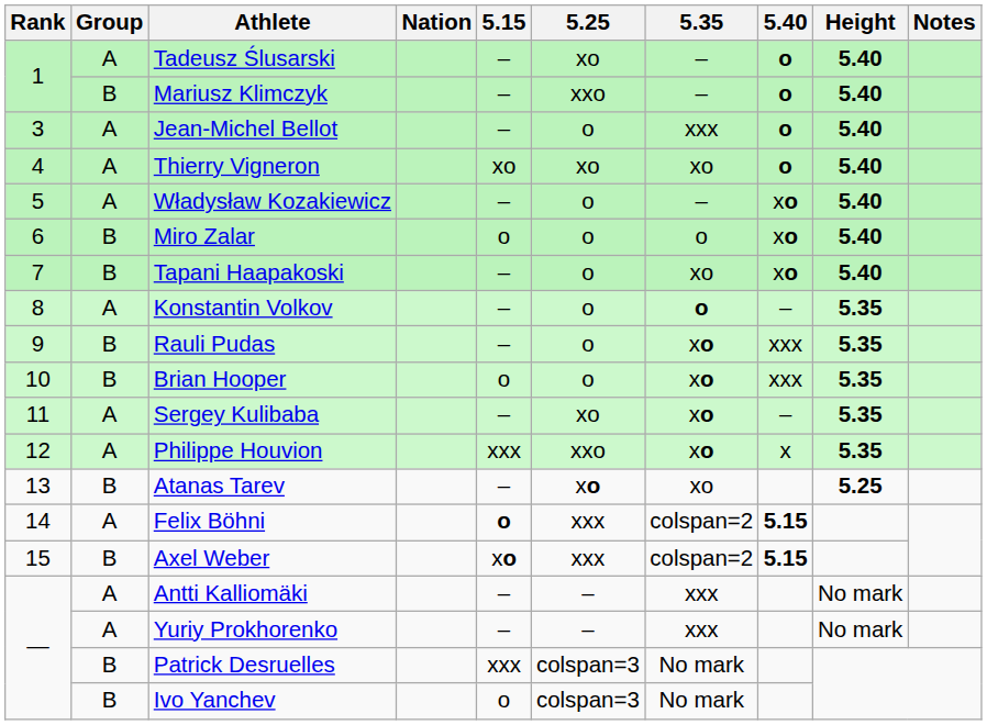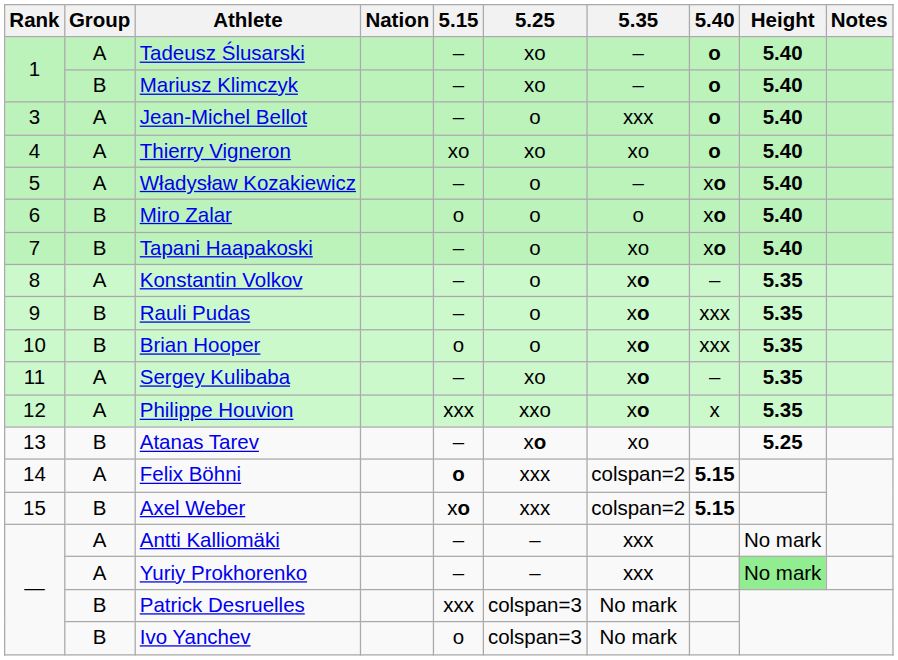 <table class="wikitable sortable" style="text-align:center">
 <tr>
 <th>Rank</th>
 <th>Group</th>
 <th>Athlete</th>
 <th>Nation</th>
 <th>5.15</th>
 <th>5.25</th>
 <th>5.35</th>
 <th>5.40</th>
 <th>Height</th>
 <th>Notes</th>
 </tr>
 <tr bgcolor=bbf3bb>
 <td rowspan=2>1</td>
 <td>A</td>
 <td align=left><a href='#'>Tadeusz Ślusarski</a></td>
 <td align=left></td>
 <td>–</td>
 <td>xo</td>
 <td>–</td>
 <td><strong>o</strong></td>
 <td><strong>5.40</strong></td>
 <td></td>
 </tr>
 <tr bgcolor=bbf3bb>
 <td>B</td>
 <td align=left><a href='#'>Mariusz Klimczyk</a></td>
 <td align=left></td>
 <td>–</td>
-<td>xxo</td>
+<td>xo</td>
 <td>–</td>
 <td><strong>o</strong></td>
 <td><strong>5.40</strong></td>
 <td></td>
 </tr>
 <tr bgcolor=bbf3bb>
 <td>3</td>
 <td>A</td>
 <td align=left><a href='#'>Jean-Michel Bellot</a></td>
 <td align=left></td>
 <td>–</td>
 <td>o</td>
 <td>xxx</td>
 <td><strong>o</strong></td>
 <td><strong>5.40</strong></td>
 <td></td>
 </tr>
 <tr bgcolor=bbf3bb>
 <td>4</td>
 <td>A</td>
 <td align=left><a href='#'>Thierry Vigneron</a></td>
 <td align=left></td>
 <td>xo</td>
 <td>xo</td>
 <td>xo</td>
 <td><strong>o</strong></td>
 <td><strong>5.40</strong></td>
 <td></td>
 </tr>
 <tr bgcolor=bbf3bb>
 <td>5</td>
 <td>A</td>
 <td align=left><a href='#'>Władysław Kozakiewicz</a></td>
 <td align=left></td>
 <td>–</td>
 <td>o</td>
 <td>–</td>
 <td>x<strong>o</strong></td>
 <td><strong>5.40</strong></td>
 <td></td>
 </tr>
 <tr bgcolor=bbf3bb>
 <td>6</td>
 <td>B</td>
 <td align=left><a href='#'>Miro Zalar</a></td>
 <td align=left></td>
 <td>o</td>
 <td>o</td>
 <td>o</td>
 <td>x<strong>o</strong></td>
 <td><strong>5.40</strong></td>
 <td></td>
 </tr>
 <tr bgcolor=bbf3bb>
 <td>7</td>
 <td>B</td>
 <td align=left><a href='#'>Tapani Haapakoski</a></td>
 <td align=left></td>
 <td>–</td>
 <td>o</td>
 <td>xo</td>
 <td>x<strong>o</strong></td>
 <td><strong>5.40</strong></td>
 <td></td>
 </tr>
 <tr bgcolor=ccf9cc>
 <td>8</td>
 <td>A</td>
 <td align=left><a href='#'>Konstantin Volkov</a></td>
 <td align=left></td>
 <td>–</td>
 <td>o</td>
-<td><strong>o</strong></td>
+<td>x<strong>o</strong></td>
 <td>–</td>
 <td><strong>5.35</strong></td>
 <td></td>
 </tr>
 <tr bgcolor=ccf9cc>
 <td>9</td>
 <td>B</td>
 <td align=left><a href='#'>Rauli Pudas</a></td>
 <td align=left></td>
 <td>–</td>
 <td>o</td>
 <td>x<strong>o</strong></td>
 <td>xxx</td>
 <td><strong>5.35</strong></td>
 <td></td>
 </tr>
 <tr bgcolor=ccf9cc>
 <td>10</td>
 <td>B</td>
 <td align=left><a href='#'>Brian Hooper</a></td>
 <td align=left></td>
 <td>o</td>
 <td>o</td>
 <td>x<strong>o</strong></td>
 <td>xxx</td>
 <td><strong>5.35</strong></td>
 <td></td>
 </tr>
 <tr bgcolor=ccf9cc>
 <td>11</td>
 <td>A</td>
 <td align=left><a href='#'>Sergey Kulibaba</a></td>
 <td align=left></td>
 <td>–</td>
 <td>xo</td>
 <td>x<strong>o</strong></td>
 <td>–</td>
 <td><strong>5.35</strong></td>
 <td></td>
 </tr>
 <tr bgcolor=ccf9cc>
 <td>12</td>
 <td>A</td>
 <td align=left><a href='#'>Philippe Houvion</a></td>
 <td align=left></td>
 <td>xxx</td>
 <td>xxo</td>
 <td>x<strong>o</strong></td>
 <td>x</td>
 <td><strong>5.35</strong></td>
 <td></td>
 </tr>
 <tr>
 <td>13</td>
 <td>B</td>
 <td align=left><a href='#'>Atanas Tarev</a></td>
 <td align=left></td>
 <td>–</td>
 <td>x<strong>o</strong></td>
 <td>xo</td>
 <td></td>
 <td><strong>5.25</strong></td>
 <td></td>
 </tr>
 <tr>
 <td>14</td>
 <td>A</td>
 <td align=left><a href='#'>Felix Böhni</a></td>
 <td align=left></td>
 <td><strong>o</strong></td>
 <td>xxx</td>
 <td>colspan=2 </td>
 <td><strong>5.15</strong></td>
 <td></td>
 </tr>
 <tr>
 <td>15</td>
 <td>B</td>
 <td align=left><a href='#'>Axel Weber</a></td>
 <td align=left></td>
 <td>x<strong>o</strong></td>
 <td>xxx</td>
 <td>colspan=2 </td>
 <td><strong>5.15</strong></td>
 <td></td>
 </tr>
 <tr>
 <td rowspan=4 data-sort-value=16>—</td>
 <td>A</td>
 <td align=left><a href='#'>Antti Kalliomäki</a></td>
 <td align=left></td>
 <td>–</td>
 <td>–</td>
 <td>xxx</td>
 <td></td>
 <td data-sort-value=1.00>No mark</td>
 <td></td>
 </tr>
 <tr>
 <td>A</td>
 <td align=left><a href='#'>Yuriy Prokhorenko</a></td>
 <td align=left></td>
 <td>–</td>
 <td>–</td>
 <td>xxx</td>
 <td></td>
-<td data-sort-value=1.00>No mark</td>
+<td data-sort-value=1.00 style="background: lightgreen;">No mark</td>
 <td></td>
 </tr>
 <tr>
 <td>B</td>
 <td align=left><a href='#'>Patrick Desruelles</a></td>
 <td align=left></td>
 <td>xxx</td>
 <td>colspan=3 </td>
 <td data-sort-value=1.00>No mark</td>
 <td></td>
 </tr>
 <tr>
 <td>B</td>
 <td align=left><a href='#'>Ivo Yanchev</a></td>
 <td align=left></td>
 <td>o</td>
 <td>colspan=3 </td>
 <td data-sort-value=1.00>No mark</td>
 <td></td>
 </tr>
 </table>
